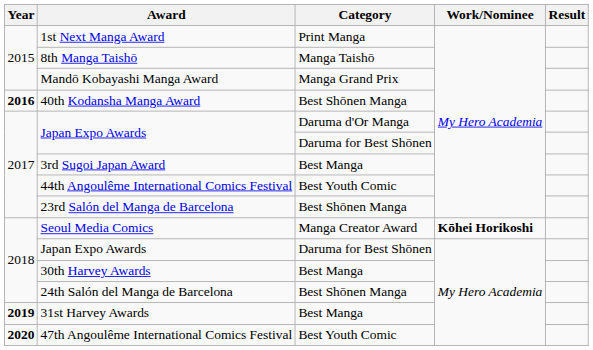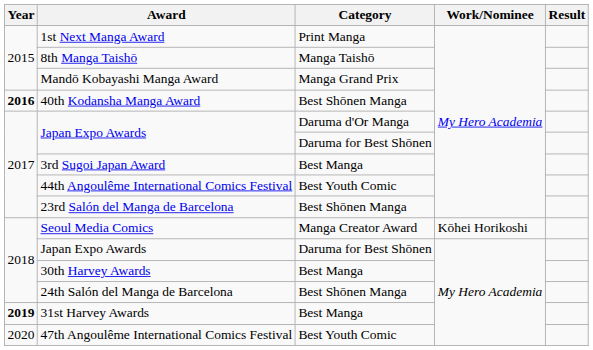 <table class="wikitable sortable">
 <tr>
 <th>Year</th>
 <th>Award</th>
 <th>Category</th>
 <th>Work/Nominee</th>
 <th>Result</th>
 </tr>
 <tr>
 <td rowspan="3" align="center">2015</td>
 <td>1st <a href='#'>Next Manga Award</a></td>
 <td>Print Manga</td>
 <td rowspan="9"><em><a href='#'>My Hero Academia</a></em></td>
 <td></td>
 </tr>
 <tr>
 <td>8th <a href='#'>Manga Taishō</a></td>
 <td>Manga Taishō</td>
 <td></td>
 </tr>
 <tr>
 <td>Mandō Kobayashi Manga Award</td>
 <td>Manga Grand Prix</td>
 <td></td>
 </tr>
 <tr>
 <td align="center"><strong>2016</strong></td>
 <td>40th <a href='#'>Kodansha Manga Award</a></td>
 <td>Best Shōnen Manga</td>
 <td></td>
 </tr>
 <tr>
 <td rowspan="5" align="center">2017</td>
 <td rowspan="2"><a href='#'>Japan Expo Awards</a></td>
 <td>Daruma d'Or Manga</td>
 <td></td>
 </tr>
 <tr>
 <td>Daruma for Best Shōnen</td>
 <td></td>
 </tr>
 <tr>
 <td>3rd <a href='#'>Sugoi Japan Award</a></td>
 <td>Best Manga</td>
 <td></td>
 </tr>
 <tr>
 <td>44th <a href='#'>Angoulême International Comics Festival</a></td>
 <td>Best Youth Comic</td>
 <td></td>
 </tr>
 <tr>
 <td>23rd <a href='#'>Salón del Manga de Barcelona</a></td>
 <td>Best Shōnen Manga</td>
 <td></td>
 </tr>
 <tr>
 <td rowspan="4" align="center">2018</td>
 <td><a href='#'>Seoul Media Comics</a></td>
 <td>Manga Creator Award</td>
-<td><strong>Kōhei Horikoshi</strong></td>
+<td>Kōhei Horikoshi</td>
 <td></td>
 </tr>
 <tr>
 <td>Japan Expo Awards</td>
 <td>Daruma for Best Shōnen</td>
 <td rowspan="5"><em>My Hero Academia</em></td>
 <td></td>
 </tr>
 <tr>
 <td>30th <a href='#'>Harvey Awards</a></td>
 <td>Best Manga</td>
 <td></td>
 </tr>
 <tr>
 <td>24th Salón del Manga de Barcelona</td>
 <td>Best Shōnen Manga</td>
 <td></td>
 </tr>
 <tr>
 <td align="center"><strong>2019</strong></td>
 <td>31st Harvey Awards</td>
 <td>Best Manga</td>
 <td></td>
 </tr>
 <tr>
-<td align="center"><strong>2020</strong></td>
+<td align="center">2020</td>
 <td>47th Angoulême International Comics Festival</td>
 <td>Best Youth Comic</td>
 <td></td>
 </tr>
 </table>
